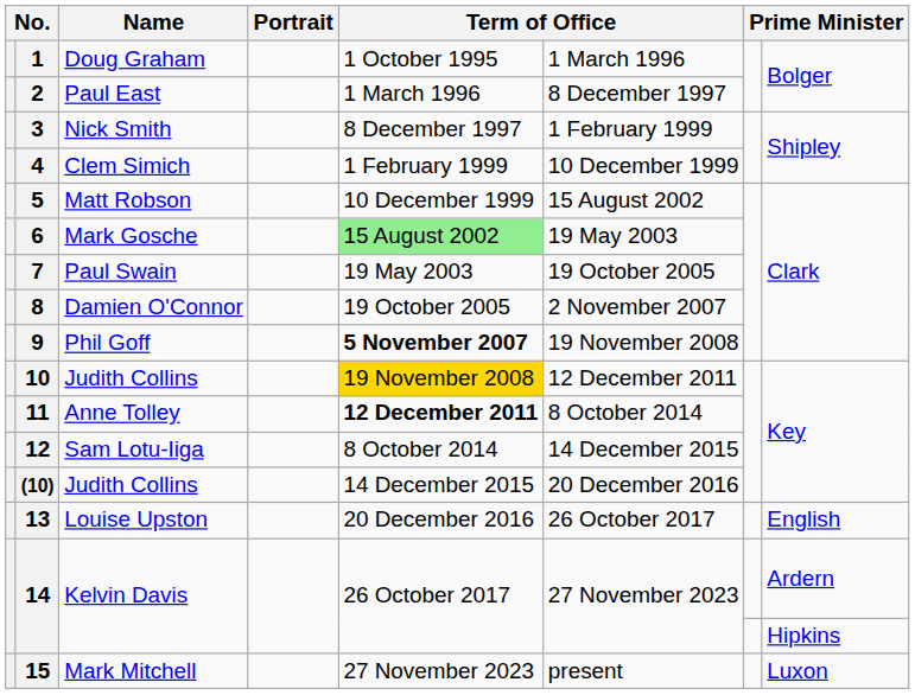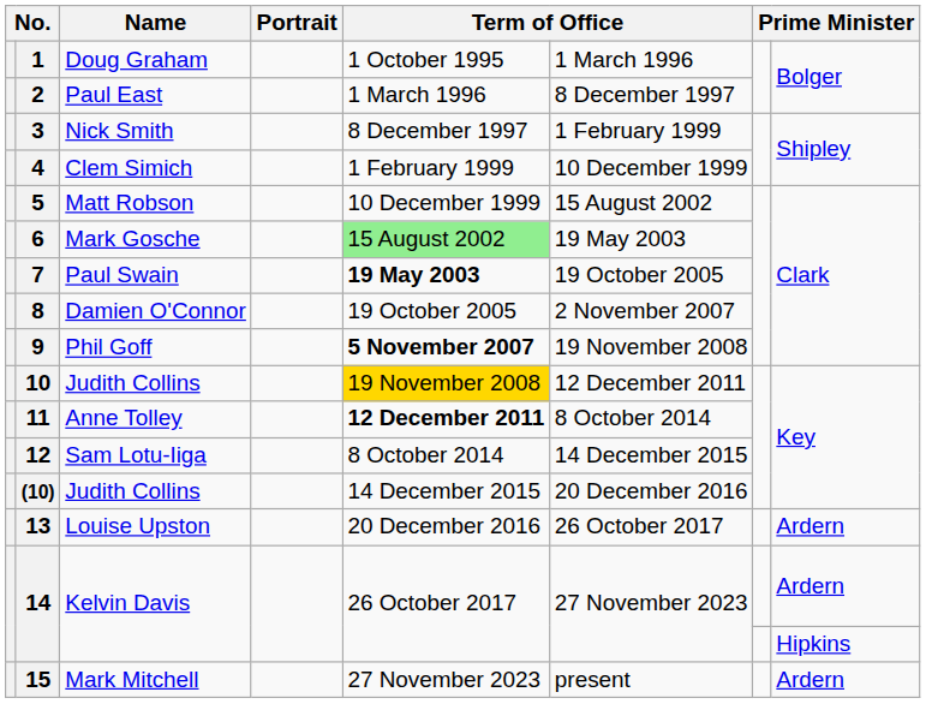 <table class="wikitable">
 <tr>
 <th colspan=2>No.</th>
 <th>Name</th>
 <th>Portrait</th>
 <th colspan=2>Term of Office</th>
 <th colspan=2>Prime Minister</th>
 </tr>
 <tr>
 <th style="color:inherit;background:"></th>
 <th>1</th>
 <td><a href='#'>Doug Graham</a></td>
 <td></td>
 <td>1 October 1995</td>
 <td>1 March 1996</td>
 <td rowspan="2" style="color:inherit;background:"></td>
 <td rowspan="2"><a href='#'>Bolger</a></td>
 </tr>
 <tr>
 <th style="color:inherit;background:"></th>
 <th>2</th>
 <td><a href='#'>Paul East</a></td>
 <td></td>
 <td>1 March 1996</td>
 <td>8 December 1997</td>
 </tr>
 <tr>
 <th style="color:inherit;background:"></th>
 <th>3</th>
 <td><a href='#'>Nick Smith</a></td>
 <td></td>
 <td>8 December 1997</td>
 <td>1 February 1999</td>
 <td rowspan="2" style="color:inherit;background:"></td>
 <td rowspan="2"><a href='#'>Shipley</a></td>
 </tr>
 <tr>
 <th style="color:inherit;background:"></th>
 <th>4</th>
 <td><a href='#'>Clem Simich</a></td>
 <td></td>
 <td>1 February 1999</td>
 <td>10 December 1999</td>
 </tr>
 <tr>
 <th height="15" style="border-bottom:solid 0 grey; background:"></th>
 <th>5</th>
 <td><a href='#'>Matt Robson</a></td>
 <td></td>
 <td>10 December 1999</td>
 <td>15 August 2002</td>
 <td rowspan="5" style="color:inherit;background:"></td>
 <td rowspan="5"><a href='#'>Clark</a></td>
 </tr>
 <tr>
 <th style="color:inherit;background:"></th>
 <th>6</th>
 <td><a href='#'>Mark Gosche</a></td>
 <td></td>
 <td style="background: lightgreen;">15 August 2002</td>
 <td>19 May 2003</td>
 </tr>
 <tr>
 <th style="color:inherit;background:"></th>
 <th>7</th>
 <td><a href='#'>Paul Swain</a></td>
 <td></td>
-<td>19 May 2003</td>
+<td><strong>19 May 2003</strong></td>
 <td>19 October 2005</td>
 </tr>
 <tr>
 <th style="color:inherit;background:"></th>
 <th>8</th>
 <td><a href='#'>Damien O'Connor</a></td>
 <td></td>
 <td>19 October 2005</td>
 <td>2 November 2007</td>
 </tr>
 <tr>
 <th style="color:inherit;background:"></th>
 <th>9</th>
 <td><a href='#'>Phil Goff</a></td>
 <td></td>
 <td><strong>5 November 2007</strong></td>
 <td>19 November 2008</td>
 </tr>
 <tr>
 <th style="color:inherit;background:"></th>
 <th>10</th>
 <td><a href='#'>Judith Collins</a></td>
 <td></td>
 <td style="background: gold;">19 November 2008</td>
 <td>12 December 2011</td>
 <td rowspan="4" style="color:inherit;background:"></td>
 <td rowspan="4"><a href='#'>Key</a></td>
 </tr>
 <tr>
 <th style="color:inherit;background:"></th>
 <th>11</th>
 <td><a href='#'>Anne Tolley</a></td>
 <td></td>
 <td><strong>12 December 2011</strong></td>
 <td>8 October 2014</td>
 </tr>
 <tr>
 <th style="color:inherit;background:"></th>
 <th>12</th>
 <td><a href='#'>Sam Lotu-Iiga</a></td>
 <td></td>
 <td>8 October 2014</td>
 <td>14 December 2015</td>
 </tr>
 <tr>
 <th style="color:inherit;background:"></th>
 <th><small>(10)</small></th>
 <td><a href='#'>Judith Collins</a></td>
 <td></td>
 <td>14 December 2015</td>
 <td>20 December 2016</td>
 </tr>
 <tr>
 <th style="color:inherit;background:"></th>
 <th>13</th>
 <td><a href='#'>Louise Upston</a></td>
 <td></td>
 <td>20 December 2016</td>
 <td>26 October 2017</td>
 <td style="color:inherit;background:"></td>
-<td><a href='#'>English</a></td>
+<td><a href='#'>Ardern</a></td>
 </tr>
 <tr>
 <th height="50" style="border-bottom:solid 0 grey; background:"></th>
 <th rowspan="2">14</th>
 <td rowspan="2"><a href='#'>Kelvin Davis</a></td>
 <td rowspan="2"></td>
 <td rowspan="2">26 October 2017</td>
 <td rowspan="2">27 November 2023</td>
 <td style="color:inherit;background:"></td>
 <td><a href='#'>Ardern</a></td>
 </tr>
 <tr>
 <th height=15 style="border-top:solid 0 grey; background:"></th>
 <td style="color:inherit;background:"></td>
 <td><a href='#'>Hipkins</a></td>
 </tr>
 <tr>
 <th style="color:inherit;background:"></th>
 <th>15</th>
 <td><a href='#'>Mark Mitchell</a></td>
 <td></td>
 <td>27 November 2023</td>
 <td>present</td>
 <td style="color:inherit;background:"></td>
-<td><a href='#'>Luxon</a></td>
+<td><a href='#'>Ardern</a></td>
 </tr>
 </table>
